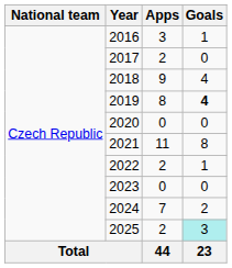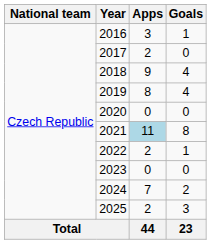 <table class="wikitable" style="text-align:center">
 <tr>
 <th>National team</th>
 <th>Year</th>
 <th>Apps</th>
 <th>Goals</th>
 </tr>
 <tr>
 <td rowspan="10"><a href='#'>Czech Republic</a></td>
 <td>2016</td>
 <td>3</td>
 <td>1</td>
 </tr>
 <tr>
 <td>2017</td>
 <td>2</td>
 <td>0</td>
 </tr>
 <tr>
 <td>2018</td>
 <td>9</td>
 <td>4</td>
 </tr>
 <tr>
 <td>2019</td>
 <td>8</td>
-<td><strong>4</strong></td>
+<td>4</td>
 </tr>
 <tr>
 <td>2020</td>
 <td>0</td>
 <td>0</td>
 </tr>
 <tr>
 <td>2021</td>
-<td>11</td>
+<td style="background: lightblue;">11</td>
 <td>8</td>
 </tr>
 <tr>
 <td>2022</td>
 <td>2</td>
 <td>1</td>
 </tr>
 <tr>
 <td>2023</td>
 <td>0</td>
 <td>0</td>
 </tr>
 <tr>
 <td>2024</td>
 <td>7</td>
 <td>2</td>
 </tr>
 <tr>
 <td>2025</td>
 <td>2</td>
-<td style="background: paleturquoise;">3</td>
+<td>3</td>
 </tr>
 <tr>
 <th colspan="2">Total</th>
 <th>44</th>
 <th>23</th>
 </tr>
 </table>
